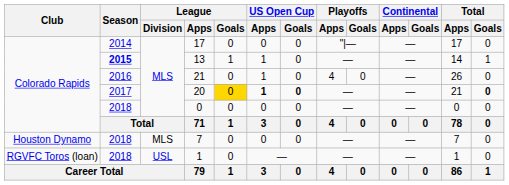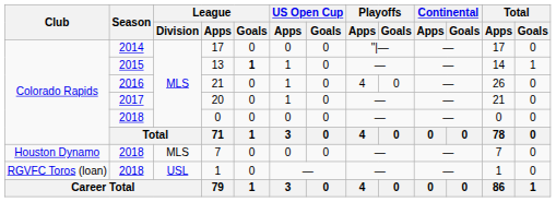 <table class="wikitable" style="text-align:center">
 <tr>
 <th rowspan="2">Club</th>
 <th rowspan="2">Season</th>
 <th colspan="3">League</th>
 <th colspan="2"><a href='#'>US Open Cup</a></th>
 <th colspan="2">Playoffs</th>
 <th colspan="2"><a href='#'>Continental</a></th>
 <th colspan="2">Total</th>
 </tr>
 <tr>
 <th>Division</th>
 <th>Apps</th>
 <th>Goals</th>
 <th>Apps</th>
 <th>Goals</th>
 <th>Apps</th>
 <th>Goals</th>
 <th>Apps</th>
 <th>Goals</th>
 <th>Apps</th>
 <th>Goals</th>
 </tr>
 <tr>
 <td rowspan="6"><a href='#'>Colorado Rapids</a></td>
 <td><a href='#'>2014</a></td>
 <td rowspan="5"><a href='#'>MLS</a></td>
 <td>17</td>
 <td>0</td>
 <td>0</td>
 <td>0</td>
 <td colspan="2">"|—</td>
 <td colspan="2">—</td>
 <td>17</td>
 <td>0</td>
 </tr>
 <tr>
-<td><strong><a href='#'>2015</a></strong></td>
+<td><a href='#'>2015</a></td>
 <td>13</td>
-<td>1</td>
+<td><strong>1</strong></td>
 <td>1</td>
 <td>0</td>
 <td colspan="2">—</td>
 <td colspan="2">—</td>
 <td>14</td>
 <td>1</td>
 </tr>
 <tr>
 <td><a href='#'>2016</a></td>
 <td>21</td>
 <td>0</td>
 <td>1</td>
 <td>0</td>
 <td>4</td>
 <td>0</td>
 <td colspan="2">—</td>
 <td>26</td>
 <td>0</td>
 </tr>
 <tr>
 <td><a href='#'>2017</a></td>
 <td>20</td>
-<td style="background: gold;">0</td>
-<td><strong>1</strong></td>
-<td><strong>0</strong></td>
+<td>0</td>
+<td>1</td>
+<td>0</td>
 <td colspan="2">—</td>
 <td colspan="2">—</td>
 <td>21</td>
-<td><strong>0</strong></td>
+<td>0</td>
 </tr>
 <tr>
 <td><a href='#'>2018</a></td>
 <td>0</td>
 <td>0</td>
 <td>0</td>
 <td>0</td>
 <td colspan="2">—</td>
 <td colspan="2">—</td>
 <td>0</td>
 <td>0</td>
 </tr>
 <tr>
 <th colspan="2">Total</th>
 <th>71</th>
 <th>1</th>
 <th>3</th>
 <th>0</th>
 <th>4</th>
 <th>0</th>
 <th>0</th>
 <th>0</th>
 <th>78</th>
 <th>0</th>
 </tr>
 <tr>
 <td><a href='#'>Houston Dynamo</a></td>
 <td><a href='#'>2018</a></td>
 <td>MLS</td>
 <td>7</td>
 <td>0</td>
 <td>0</td>
 <td>0</td>
 <td colspan="2">—</td>
 <td colspan="2">—</td>
 <td>7</td>
 <td>0</td>
 </tr>
 <tr>
 <td><a href='#'>RGVFC Toros</a> (loan)</td>
 <td><a href='#'>2018</a></td>
 <td><a href='#'>USL</a></td>
 <td>1</td>
 <td>0</td>
 <td colspan="2">—</td>
 <td colspan="2">—</td>
 <td colspan="2">—</td>
 <td>1</td>
 <td>0</td>
 </tr>
 <tr>
 <th colspan="3">Career Total</th>
 <th>79</th>
 <th>1</th>
 <th>3</th>
 <th>0</th>
 <th>4</th>
 <th>0</th>
 <th>0</th>
 <th>0</th>
 <th>86</th>
 <th>1</th>
 </tr>
 </table>
